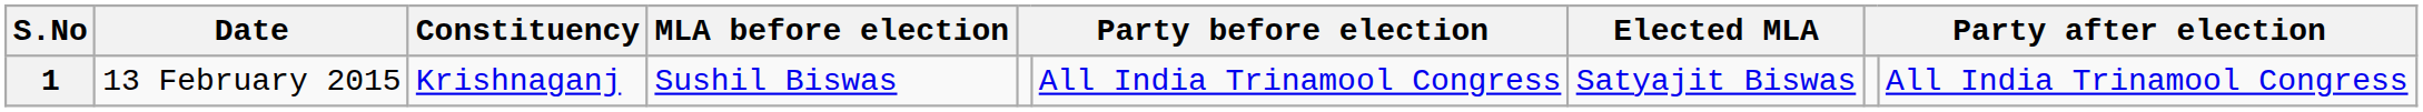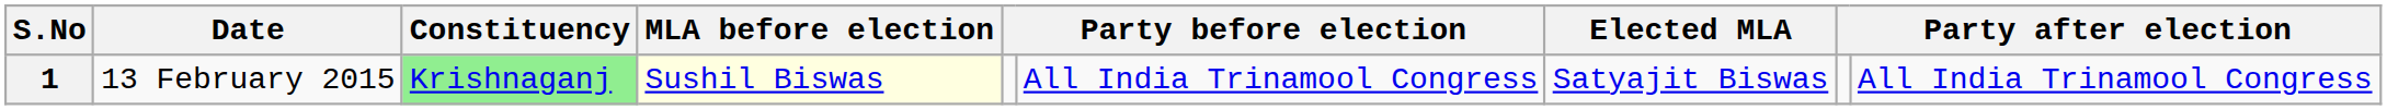 <table class="wikitable sortable">
 <tr>
 <th>S.No</th>
 <th>Date</th>
 <th>Constituency</th>
 <th>MLA before election</th>
 <th colspan="2">Party before election</th>
 <th>Elected MLA</th>
 <th colspan="2">Party after election</th>
 </tr>
 <tr>
 <th>1</th>
 <td>13 February 2015</td>
-<td><a href='#'>Krishnaganj</a></td>
-<td><a href='#'>Sushil Biswas</a></td>
+<td style="background: lightgreen;"><a href='#'>Krishnaganj</a></td>
+<td style="background: lightyellow;"><a href='#'>Sushil Biswas</a></td>
 <td></td>
 <td><a href='#'>All India Trinamool Congress</a></td>
 <td><a href='#'>Satyajit Biswas</a></td>
 <td></td>
 <td><a href='#'>All India Trinamool Congress</a></td>
 </tr>
 </table>
